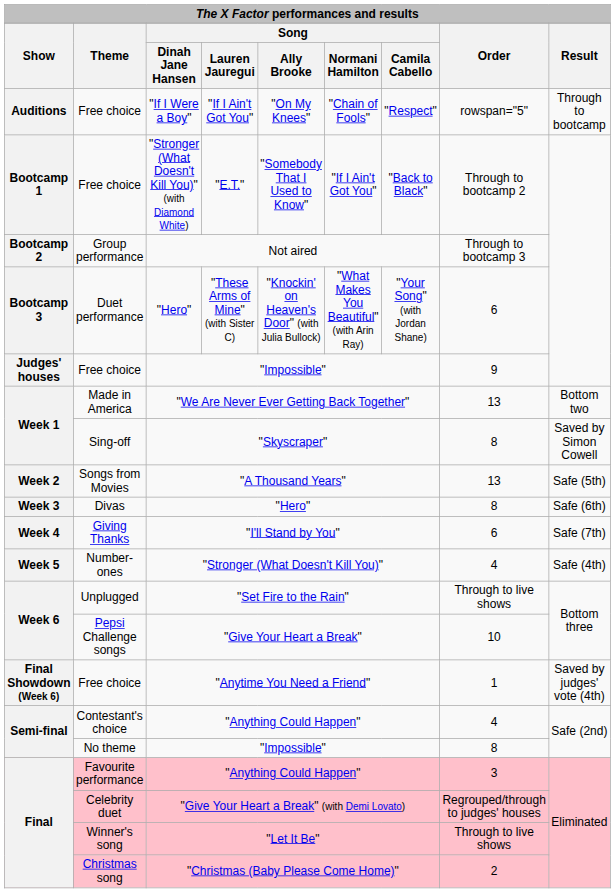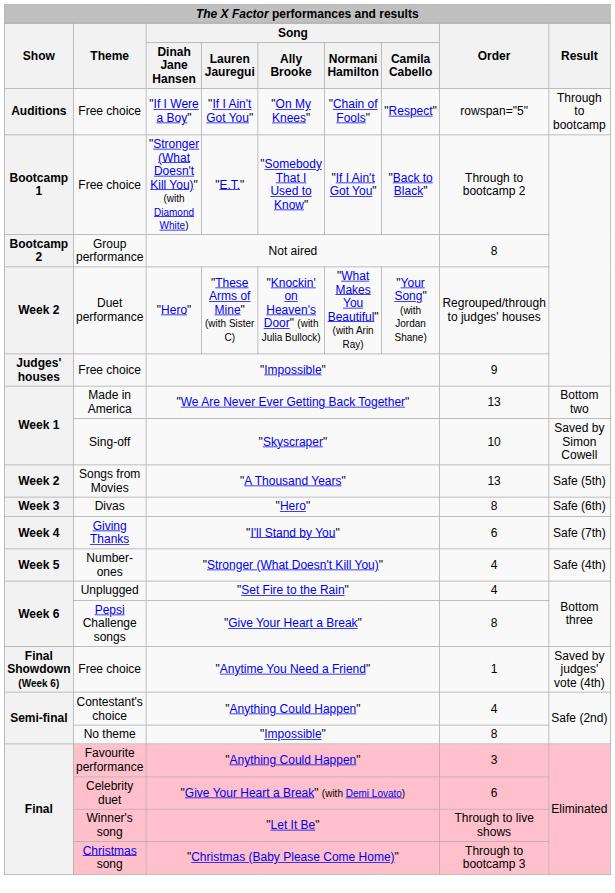 <table class="wikitable collapsible collapsed" style="width:100%; margin:1em auto 1em auto; text-align:center;">
 <tr>
 <th colspan="9" style="background:#BFBFBF;"><em>The X Factor</em> performances and results</th>
 </tr>
 <tr>
 </tr>
 <tr>
 <th style="text-align:centre" rowspan="2">Show</th>
 <th style="text-align:centre" rowspan="2">Theme</th>
 <th style="text-align:centre" colspan="5">Song</th>
 <th style="text-align:centre" rowspan="2">Order</th>
 <th style="text-align:centre" rowspan="2">Result</th>
 </tr>
 <tr>
 <th style="text-align:centre">Dinah Jane Hansen</th>
 <th style="text-align:centre">Lauren Jauregui</th>
 <th style="text-align:centre">Ally Brooke</th>
 <th style="text-align:centre">Normani Hamilton</th>
 <th style="text-align:centre">Camila Cabello</th>
 </tr>
 <tr>
 <th>Auditions</th>
 <td>Free choice</td>
 <td>"<a href='#'>If I Were a Boy</a>"</td>
 <td>"<a href='#'>If I Ain't Got You</a>"</td>
 <td>"<a href='#'>On My Knees</a>"</td>
 <td>"<a href='#'>Chain of Fools</a>"</td>
 <td>"<a href='#'>Respect</a>"</td>
 <td>rowspan="5" </td>
 <td>Through to bootcamp</td>
 </tr>
 <tr>
 <th>Bootcamp 1</th>
 <td>Free choice</td>
 <td>"<a href='#'>Stronger (What Doesn't Kill You)</a>" <small>(with <a href='#'>Diamond White</a>)</small></td>
 <td>"<a href='#'>E.T.</a>"</td>
 <td>"<a href='#'>Somebody That I Used to Know</a>"</td>
 <td>"<a href='#'>If I Ain't Got You</a>"</td>
 <td>"<a href='#'>Back to Black</a>"</td>
 <td>Through to bootcamp 2</td>
 </tr>
 <tr>
 <th>Bootcamp 2</th>
 <td>Group performance</td>
 <td style="text-align:centre" colspan="5">Not aired</td>
-<td>Through to bootcamp 3</td>
+<td>8</td>
 </tr>
 <tr>
-<th>Bootcamp 3</th>
+<th>Week 2</th>
 <td>Duet performance</td>
 <td>"<a href='#'>Hero</a>"</td>
 <td>"<a href='#'>These Arms of Mine</a>" <small>(with Sister C)</small></td>
 <td>"<a href='#'>Knockin' on Heaven's Door</a>" <small>(with Julia Bullock)</small></td>
 <td>"<a href='#'>What Makes You Beautiful</a>" <small>(with Arin Ray)</small></td>
 <td>"<a href='#'>Your Song</a>" <small>(with Jordan Shane)</small></td>
-<td>6</td>
+<td>Regrouped/through to judges' houses</td>
 </tr>
 <tr>
 <th>Judges' houses</th>
 <td>Free choice</td>
 <td colspan="5">"<a href='#'>Impossible</a>"</td>
 <td>9</td>
 </tr>
 <tr>
 <th rowspan="2">Week 1</th>
 <td>Made in America</td>
 <td colspan="5">"<a href='#'>We Are Never Ever Getting Back Together</a>"</td>
 <td>13</td>
 <td>Bottom two</td>
 </tr>
 <tr>
 <td>Sing-off</td>
 <td colspan="5">"<a href='#'>Skyscraper</a>"</td>
-<td>8</td>
+<td>10</td>
 <td>Saved by Simon Cowell</td>
 </tr>
 <tr>
 <th>Week 2</th>
 <td>Songs from Movies</td>
 <td colspan="5">"<a href='#'>A Thousand Years</a>"</td>
 <td>13</td>
 <td>Safe (5th)</td>
 </tr>
 <tr>
 <th>Week 3</th>
 <td>Divas</td>
 <td colspan="5">"<a href='#'>Hero</a>"</td>
 <td>8</td>
 <td>Safe (6th)</td>
 </tr>
 <tr>
 <th>Week 4</th>
 <td><a href='#'>Giving Thanks</a></td>
 <td colspan="5">"<a href='#'>I'll Stand by You</a>"</td>
 <td>6</td>
 <td>Safe (7th)</td>
 </tr>
 <tr>
 <th>Week 5</th>
 <td>Number-ones</td>
 <td colspan="5">"<a href='#'>Stronger (What Doesn't Kill You)</a>"</td>
 <td>4</td>
 <td>Safe (4th)</td>
 </tr>
 <tr>
 <th rowspan="2">Week 6</th>
 <td>Unplugged</td>
 <td colspan="5">"<a href='#'>Set Fire to the Rain</a>"</td>
-<td>Through to live shows</td>
+<td>4</td>
 <td rowspan="2">Bottom three</td>
 </tr>
 <tr>
 <td><a href='#'>Pepsi</a> Challenge songs</td>
 <td colspan="5">"<a href='#'>Give Your Heart a Break</a>"</td>
-<td>10</td>
+<td>8</td>
 </tr>
 <tr>
 <th>Final Showdown <small> (Week 6) </small></th>
 <td>Free choice</td>
 <td colspan="5">"<a href='#'>Anytime You Need a Friend</a>"</td>
 <td>1</td>
 <td>Saved by judges' vote (4th)</td>
 </tr>
 <tr>
 <th rowspan="2">Semi-final</th>
 <td>Contestant's choice</td>
 <td colspan="5">"<a href='#'>Anything Could Happen</a>"</td>
 <td>4</td>
 <td rowspan="2">Safe (2nd)</td>
 </tr>
 <tr>
 <td>No theme</td>
 <td colspan="5">"<a href='#'>Impossible</a>"</td>
 <td>8</td>
 </tr>
 <tr style="background:pink;">
 <th rowspan="4">Final</th>
 <td>Favourite performance</td>
 <td colspan="5">"<a href='#'>Anything Could Happen</a>"</td>
 <td>3</td>
 <td rowspan="4">Eliminated</td>
 </tr>
 <tr style="background:pink;">
 <td>Celebrity duet</td>
 <td colspan="5">"<a href='#'>Give Your Heart a Break</a>" <small>(with <a href='#'>Demi Lovato</a>)</small></td>
-<td>Regrouped/through to judges' houses</td>
+<td>6</td>
 </tr>
 <tr style="background:pink;">
 <td>Winner's song</td>
 <td colspan="5">"<a href='#'>Let It Be</a>"</td>
 <td>Through to live shows</td>
 </tr>
 <tr style="background:pink;">
 <td><a href='#'>Christmas</a> song</td>
 <td colspan="5">"<a href='#'>Christmas (Baby Please Come Home)</a>"</td>
-<td>2</td>
+<td>Through to bootcamp 3</td>
 </tr>
 </table>
